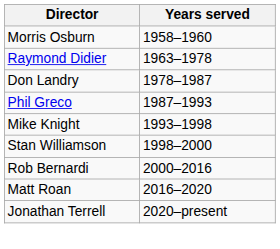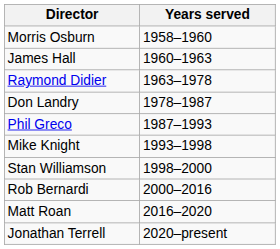 <table class="wikitable"; style= " ">
 <tr>
 <th width=150px>Director</th>
 <th width=150px>Years served</th>
 </tr>
 <tr>
 <td>Morris Osburn</td>
 <td>1958–1960</td>
+</tr>
+<tr>
+<td>James Hall</td>
+<td>1960–1963</td>
 </tr>
 <tr>
 <td><a href='#'>Raymond Didier</a></td>
 <td>1963–1978</td>
 </tr>
 <tr>
 <td>Don Landry</td>
 <td>1978–1987</td>
 </tr>
 <tr>
 <td><a href='#'>Phil Greco</a></td>
 <td>1987–1993</td>
 </tr>
 <tr>
 <td>Mike Knight</td>
 <td>1993–1998</td>
 </tr>
 <tr>
 <td>Stan Williamson</td>
 <td>1998–2000</td>
 </tr>
 <tr>
 <td>Rob Bernardi</td>
 <td>2000–2016</td>
 </tr>
 <tr>
 <td>Matt Roan</td>
 <td>2016–2020</td>
 </tr>
 <tr>
 <td>Jonathan Terrell</td>
 <td>2020–present</td>
 </tr>
 </table>
